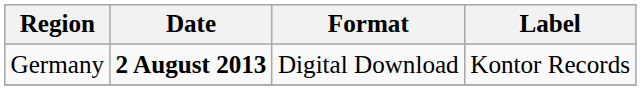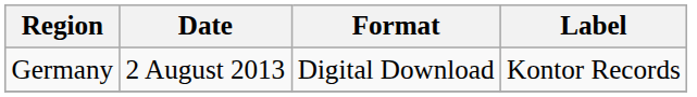 <table class=wikitable>
 <tr>
 <th>Region</th>
 <th>Date</th>
 <th>Format</th>
 <th>Label</th>
 </tr>
 <tr>
 <td>Germany</td>
-<td><strong>2 August 2013</strong></td>
+<td>2 August 2013</td>
 <td>Digital Download</td>
 <td>Kontor Records</td>
 </tr>
 <tr>
 </tr>
 </table>
